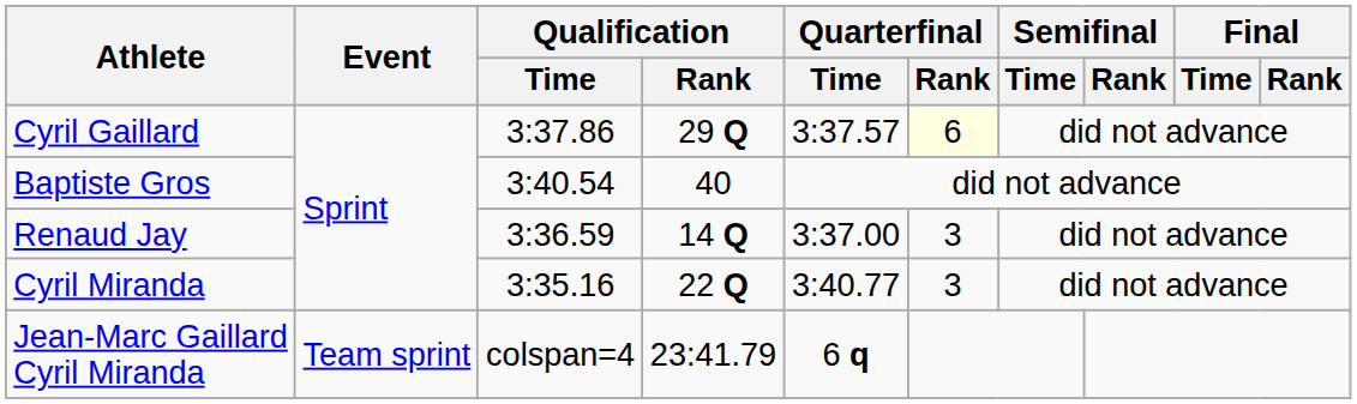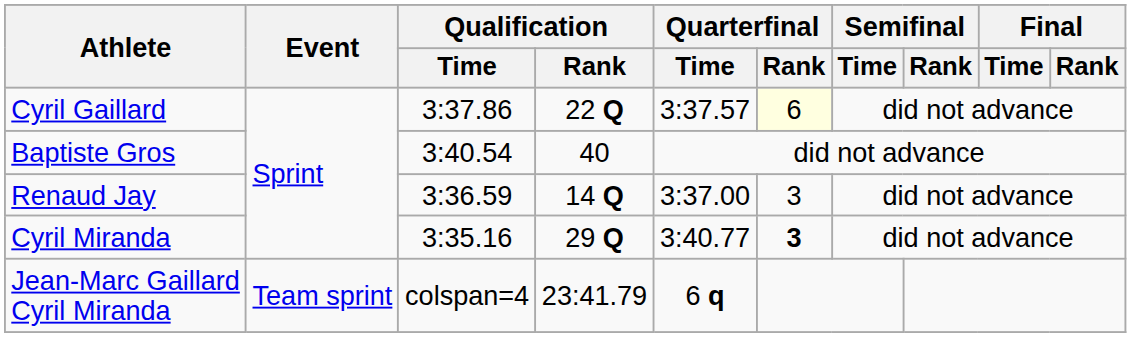 <table class="wikitable" style="font-size:90%">
 <tr>
 <th rowspan="2">Athlete</th>
 <th rowspan="2">Event</th>
 <th colspan="2">Qualification</th>
 <th colspan="2">Quarterfinal</th>
 <th colspan="2">Semifinal</th>
 <th colspan="2">Final</th>
 </tr>
 <tr style="font-size:95%">
 <th>Time</th>
 <th>Rank</th>
 <th>Time</th>
 <th>Rank</th>
 <th>Time</th>
 <th>Rank</th>
 <th>Time</th>
 <th>Rank</th>
 </tr>
 <tr align=center>
 <td align=left><a href='#'>Cyril Gaillard</a></td>
 <td align=left rowspan=4><a href='#'>Sprint</a></td>
 <td>3:37.86</td>
-<td>29 <strong>Q</strong></td>
+<td>22 <strong>Q</strong></td>
 <td>3:37.57</td>
 <td style="background: lightyellow;">6</td>
 <td colspan=4>did not advance</td>
 </tr>
 <tr align=center>
 <td align=left><a href='#'>Baptiste Gros</a></td>
 <td>3:40.54</td>
 <td>40</td>
 <td colspan=6>did not advance</td>
 </tr>
 <tr align=center>
 <td align=left><a href='#'>Renaud Jay</a></td>
 <td>3:36.59</td>
 <td>14 <strong>Q</strong></td>
 <td>3:37.00</td>
 <td>3</td>
 <td colspan=4>did not advance</td>
 </tr>
 <tr align=center>
 <td align=left><a href='#'>Cyril Miranda</a></td>
 <td>3:35.16</td>
-<td>22 <strong>Q</strong></td>
+<td>29 <strong>Q</strong></td>
 <td>3:40.77</td>
-<td>3</td>
+<td><strong>3</strong></td>
 <td colspan=4>did not advance</td>
 </tr>
 <tr align=center>
 <td align=left><a href='#'>Jean-Marc Gaillard</a><br><a href='#'>Cyril Miranda</a></td>
 <td align=left><a href='#'>Team sprint</a></td>
 <td>colspan=4 </td>
 <td>23:41.79</td>
 <td>6 <strong>q</strong></td>
 <td colspan=2></td>
 </tr>
 </table>
